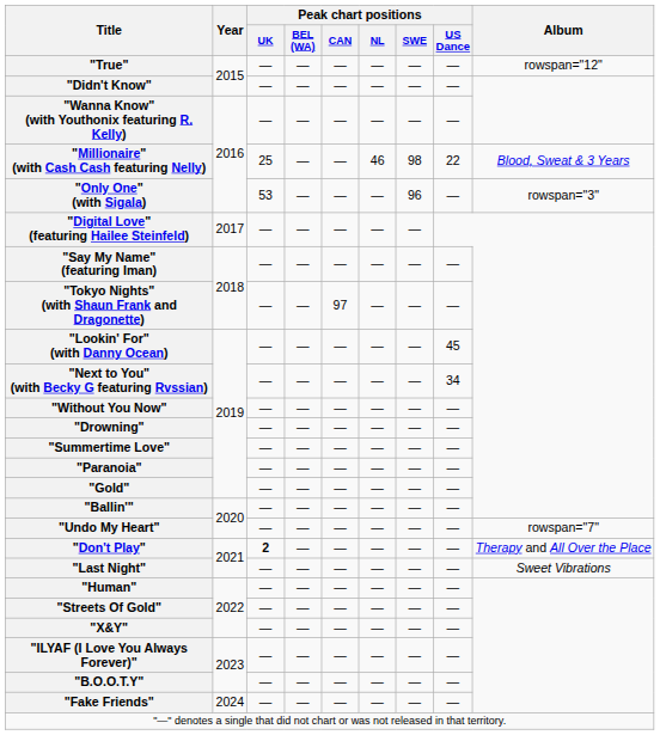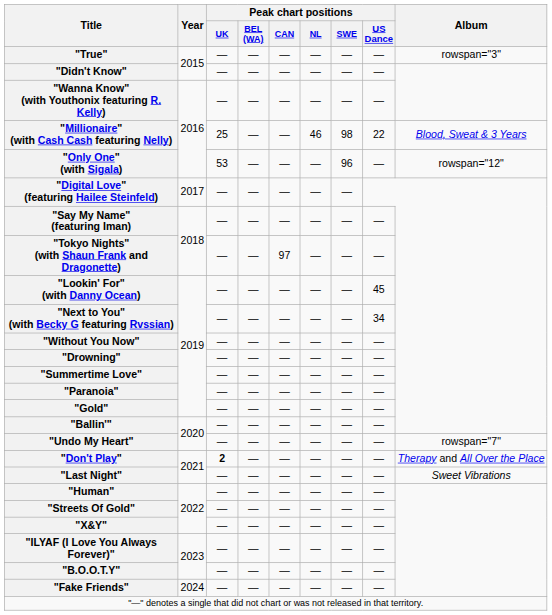 <table class="wikitable plainrowheaders" style="text-align:center;">
 <tr bhh>
 <th scope="col" rowspan="2" style="width:16em;">Title</th>
 <th scope="col" rowspan="2" style="width:1em;">Year</th>
 <th scope="col" colspan="6">Peak chart positions</th>
 <th scope="col" rowspan="2">Album</th>
 </tr>
 <tr>
 <th scope="col" style="width:3em;font-size:85%;"><a href='#'>UK</a><br></th>
 <th scope="col" style="width:3em;font-size:85%;"><a href='#'>BEL (WA)</a><br></th>
 <th scope="col" style="width:3em;font-size:85%;"><a href='#'>CAN</a><br></th>
 <th scope="col" style="width:3em;font-size:85%;"><a href='#'>NL</a><br></th>
 <th scope="col" style="width:3em;font-size:85%;"><a href='#'>SWE</a><br></th>
 <th scope="col" style="width:2.5em;font-size:90%;"><a href='#'>US<br>Dance</a><br></th>
 </tr>
 <tr>
 <th scope="row">"True"</th>
 <td rowspan="2">2015</td>
 <td>—</td>
 <td>—</td>
 <td>—</td>
 <td>—</td>
 <td>—</td>
 <td>—</td>
-<td>rowspan="12" </td>
+<td>rowspan="3" </td>
 </tr>
 <tr>
 <th scope="row">"Didn't Know"<br></th>
 <td>—</td>
 <td>—</td>
 <td>—</td>
 <td>—</td>
 <td>—</td>
 <td>—</td>
 </tr>
 <tr>
 <th scope="row">"Wanna Know"<br><span>(with Youthonix featuring <a href='#'>R. Kelly</a>)</span></th>
 <td rowspan="3">2016</td>
 <td>—</td>
 <td>—</td>
 <td>—</td>
 <td>—</td>
 <td>—</td>
 <td>—</td>
 </tr>
 <tr>
 <th scope="row">"<a href='#'>Millionaire</a>"<br><span>(with <a href='#'>Cash Cash</a> featuring <a href='#'>Nelly</a>)</span></th>
 <td>25</td>
 <td>—</td>
 <td>—</td>
 <td>46</td>
 <td>98</td>
 <td>22</td>
 <td><em><a href='#'>Blood, Sweat & 3 Years</a></em></td>
 </tr>
 <tr>
 <th scope="row">"<a href='#'>Only One</a>"<br><span>(with <a href='#'>Sigala</a>)</span></th>
 <td>53</td>
 <td>—</td>
 <td>—</td>
 <td>—</td>
 <td>96</td>
 <td>—</td>
-<td>rowspan="3" </td>
+<td>rowspan="12" </td>
 </tr>
 <tr>
 <th scope="row">"<a href='#'>Digital Love</a>" <br><span>(featuring <a href='#'>Hailee Steinfeld</a>)</span></th>
 <td>2017</td>
 <td>—</td>
 <td>—</td>
 <td>—</td>
 <td>—</td>
 <td>—</td>
 </tr>
 <tr>
 <th scope="row">"Say My Name" <br><span>(featuring Iman)</span></th>
 <td rowspan="2">2018</td>
 <td>—</td>
 <td>—</td>
 <td>—</td>
 <td>—</td>
 <td>—</td>
 <td>—</td>
 </tr>
 <tr>
 <th scope="row">"Tokyo Nights" <br><span>(with <a href='#'>Shaun Frank</a> and <a href='#'>Dragonette</a>)</span></th>
 <td>—</td>
 <td>—</td>
 <td>97</td>
 <td>—</td>
 <td>—</td>
 <td>—</td>
 </tr>
 <tr>
 <th scope="row">"Lookin' For" <br><span>(with <a href='#'>Danny Ocean</a>)</span></th>
 <td rowspan="7">2019</td>
 <td>—</td>
 <td>—</td>
 <td>—</td>
 <td>—</td>
 <td>—</td>
 <td>45</td>
 </tr>
 <tr>
 <th scope="row">"Next to You" <br><span>(with <a href='#'>Becky G</a> featuring <a href='#'>Rvssian</a>)</span></th>
 <td>—</td>
 <td>—</td>
 <td>—</td>
 <td>—</td>
 <td>—</td>
 <td>34</td>
 </tr>
 <tr>
 <th scope="row">"Without You Now" <br></th>
 <td>—</td>
 <td>—</td>
 <td>—</td>
 <td>—</td>
 <td>—</td>
 <td>—</td>
 </tr>
 <tr>
 <th scope="row">"Drowning"<br></th>
 <td>—</td>
 <td>—</td>
 <td>—</td>
 <td>—</td>
 <td>—</td>
 <td>—</td>
 </tr>
 <tr>
 <th scope="row">"Summertime Love"<br></th>
 <td>—</td>
 <td>—</td>
 <td>—</td>
 <td>—</td>
 <td>—</td>
 <td>—</td>
 </tr>
 <tr>
 <th scope="row">"Paranoia"<br></th>
 <td>—</td>
 <td>—</td>
 <td>—</td>
 <td>—</td>
 <td>—</td>
 <td>—</td>
 </tr>
 <tr>
 <th scope="row">"Gold"</th>
 <td>—</td>
 <td>—</td>
 <td>—</td>
 <td>—</td>
 <td>—</td>
 <td>—</td>
 </tr>
 <tr>
 <th scope="row">"Ballin'" <br></th>
 <td rowspan="2">2020</td>
 <td>—</td>
 <td>—</td>
 <td>—</td>
 <td>—</td>
 <td>—</td>
 <td>—</td>
 </tr>
 <tr>
 <th scope="row">"Undo My Heart"<br></th>
 <td>—</td>
 <td>—</td>
 <td>—</td>
 <td>—</td>
 <td>—</td>
 <td>—</td>
 <td>rowspan="7" </td>
 </tr>
 <tr>
 <th scope="row">"<a href='#'>Don't Play</a>"<br></th>
 <td rowspan="2">2021</td>
 <td><strong>2</strong></td>
 <td>—</td>
 <td>—</td>
 <td>—</td>
 <td>—</td>
 <td>—</td>
 <td><em><a href='#'>Therapy</a></em> and <em><a href='#'>All Over the Place</a></em></td>
 </tr>
 <tr>
 <th scope="row">"Last Night"<br></th>
 <td>—</td>
 <td>—</td>
 <td>—</td>
 <td>—</td>
 <td>—</td>
 <td>—</td>
 <td><em>Sweet Vibrations</em></td>
 </tr>
 <tr>
 <th scope="row">"Human"</th>
 <td rowspan="3">2022</td>
 <td>—</td>
 <td>—</td>
 <td>—</td>
 <td>—</td>
 <td>—</td>
 <td>—</td>
 </tr>
 <tr>
 <th scope="row">"Streets Of Gold" <br></th>
 <td>—</td>
 <td>—</td>
 <td>—</td>
 <td>—</td>
 <td>—</td>
 <td>—</td>
 </tr>
 <tr>
 <th scope="row">"X&Y" <br></th>
 <td>—</td>
 <td>—</td>
 <td>—</td>
 <td>—</td>
 <td>—</td>
 <td>—</td>
 </tr>
 <tr>
 <th scope="row">"ILYAF (I Love You Always Forever)" <br></th>
 <td rowspan="2">2023</td>
 <td>—</td>
 <td>—</td>
 <td>—</td>
 <td>—</td>
 <td>—</td>
 <td>—</td>
 </tr>
 <tr>
 <th scope="row">"B.O.O.T.Y" <br></th>
 <td>—</td>
 <td>—</td>
 <td>—</td>
 <td>—</td>
 <td>—</td>
 <td>—</td>
 </tr>
 <tr>
 <th scope="row">"Fake Friends"<br></th>
 <td>2024</td>
 <td>—</td>
 <td>—</td>
 <td>—</td>
 <td>—</td>
 <td>—</td>
 <td>—</td>
 </tr>
 <tr>
 <td colspan="9" style="font-size:85%;">"—" denotes a single that did not chart or was not released in that territory.</td>
 </tr>
 </table>
